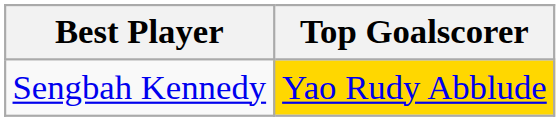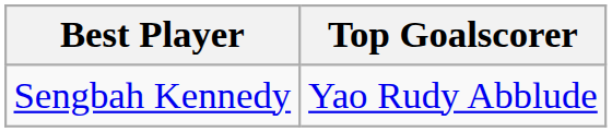 <table class="wikitable" style="text-align: center; margin: 0 auto;">
 <tr>
 <th>Best Player</th>
 <th>Top Goalscorer</th>
 </tr>
 <tr>
 <td> <a href='#'>Sengbah Kennedy</a></td>
-<td style="background: gold;"> <a href='#'>Yao Rudy Abblude</a></td>
+<td> <a href='#'>Yao Rudy Abblude</a></td>
 </tr>
 </table>
